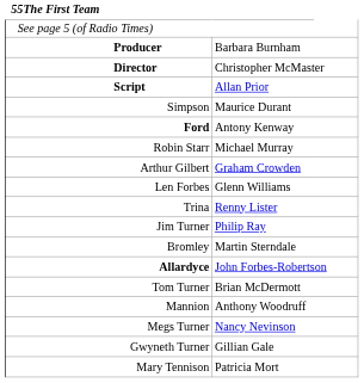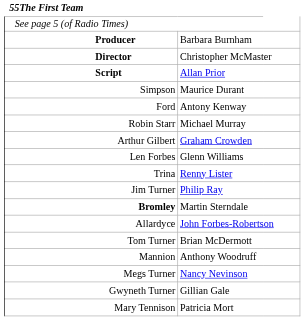 <table class="wikitable mw-collapsible mw-collapsed" style="vertical-align:top;margin:auto 2em;line-height:1.2;min-width:33em;display: inline-table;background-color:inherit;border:none;">
 <tr>
 <td class=unsortable style="border:hidden;line-height:1.67;text-align:center;margin-left:-1em;padding-left:0.5em;min-width:1.0em;"></td>
 <td class=unsortable style="border:none;padding-left:0.5em;text-align:left;min-width:16.5em;font-weight:700;font-style:italic;">55The First Team</td>
 <td class=unsortable style="border:none;text-align:right;font-weight:normal;font-family:Courier;font-size:95%;letter-spacing:-1pt;min-width:8.5em;padding-right:0.2em;"></td>
 <td class=unsortable style="border:hidden;min-width:3.5em;padding-left:0;"></td>
 <td class=unsortable style="border:hidden;min-width:3.5em;font-size:95%;"></td>
 </tr>
 <tr>
 <td rowspan=100 style="border:none thin;border-right-style :solid;"></td>
 <td colspan=3 style="text-align:left;padding:0.1em 1em;font-style:italic;">See page 5 (of Radio Times)</td>
 </tr>
 <tr>
 <td style="text-align:left;padding-left:9.0em;font-weight:bold;">Producer</td>
 <td colspan=2>Barbara Burnham</td>
 </tr>
 <tr>
 <td style="text-align:left;padding-left:9.0em;font-weight:bold;">Director</td>
 <td colspan=2>Christopher McMaster</td>
 </tr>
 <tr>
 <td style="text-align:left;padding-left:9.0em;font-weight:bold;">Script</td>
 <td colspan=2><a href='#'>Allan Prior</a></td>
 </tr>
 <tr>
 <td style="text-align:right;">Simpson</td>
 <td colspan=2>Maurice Durant</td>
 </tr>
 <tr>
-<td style="text-align:right;"><strong>Ford</strong></td>
+<td style="text-align:right;">Ford</td>
 <td colspan=2>Antony Kenway</td>
 </tr>
 <tr>
 <td style="text-align:right;">Robin Starr</td>
 <td colspan=2>Michael Murray</td>
 </tr>
 <tr>
 <td style="text-align:right;">Arthur Gilbert</td>
 <td colspan=2><a href='#'>Graham Crowden</a></td>
 </tr>
 <tr>
 <td style="text-align:right;">Len Forbes</td>
 <td colspan=2>Glenn Williams</td>
 </tr>
 <tr>
 <td style="text-align:right;">Trina</td>
 <td colspan=2><a href='#'>Renny Lister</a></td>
 </tr>
 <tr>
 <td style="text-align:right;">Jim Turner</td>
 <td colspan=2><a href='#'>Philip Ray</a></td>
 </tr>
 <tr>
-<td style="text-align:right;">Bromley</td>
+<td style="text-align:right;"><strong>Bromley</strong></td>
 <td colspan=2>Martin Sterndale</td>
 </tr>
 <tr>
-<td style="text-align:right;"><strong>Allardyce</strong></td>
+<td style="text-align:right;">Allardyce</td>
 <td colspan=2><a href='#'>John Forbes-Robertson</a></td>
 </tr>
 <tr>
 <td style="text-align:right;">Tom Turner</td>
 <td colspan=2>Brian McDermott</td>
 </tr>
 <tr>
 <td style="text-align:right;">Mannion</td>
 <td colspan=2>Anthony Woodruff</td>
 </tr>
 <tr>
 <td style="text-align:right;">Megs Turner</td>
 <td colspan=2><a href='#'>Nancy Nevinson</a></td>
 </tr>
 <tr>
 <td style="text-align:right;">Gwyneth Turner</td>
 <td colspan=2>Gillian Gale</td>
 </tr>
 <tr>
 <td style="text-align:right;">Mary Tennison</td>
 <td colspan=2>Patricia Mort</td>
 </tr>
 </table>
